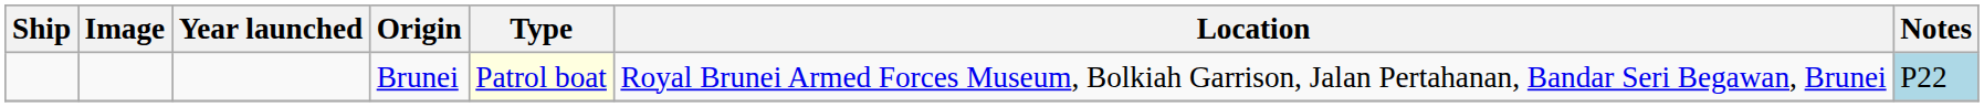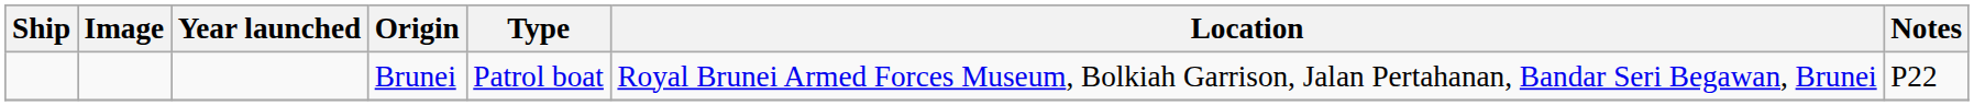 <table class="wikitable sortable">
 <tr>
 <th>Ship</th>
 <th>Image</th>
 <th>Year launched</th>
 <th>Origin</th>
 <th>Type</th>
 <th>Location</th>
 <th>Notes</th>
 </tr>
 <tr>
 <td data-sort-value=Maharajalela></td>
 <td></td>
 <td></td>
 <td> <a href='#'>Brunei</a></td>
-<td style="background: lightyellow;"><a href='#'>Patrol boat</a></td>
+<td><a href='#'>Patrol boat</a></td>
 <td><a href='#'>Royal Brunei Armed Forces Museum</a>, Bolkiah Garrison, Jalan Pertahanan, <a href='#'>Bandar Seri Begawan</a>, <a href='#'>Brunei</a><br></td>
-<td style="background: lightblue;">P22</td>
+<td>P22</td>
 </tr>
 <tr>
 </tr>
 </table>
